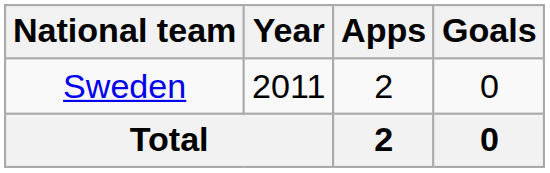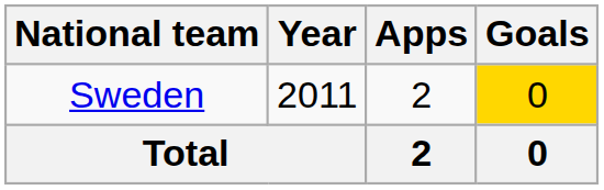 <table class="wikitable" style="text-align:center;">
 <tr>
 <th>National team</th>
 <th>Year</th>
 <th>Apps</th>
 <th>Goals</th>
 </tr>
 <tr>
 <td rowspan="1"><a href='#'>Sweden</a></td>
 <td>2011</td>
 <td>2</td>
-<td>0</td>
+<td style="background: gold;">0</td>
 </tr>
 <tr>
 <th colspan=2>Total</th>
 <th>2</th>
 <th>0</th>
 </tr>
 </table>
